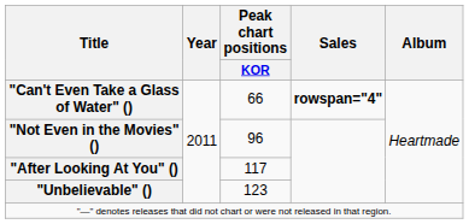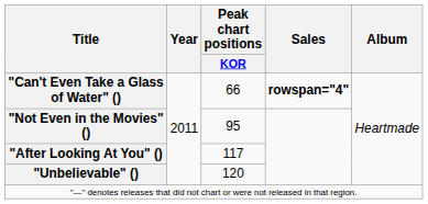 <table class="wikitable plainrowheaders" style="text-align:center;">
 <tr>
 <th rowspan=2 style="width:12em;">Title</th>
 <th rowspan=2>Year</th>
 <th colspan="1">Peak chart positions</th>
 <th rowspan=2>Sales</th>
 <th rowspan=2>Album</th>
 </tr>
 <tr>
 <th scope="col" style="width:3.5em;font-size:90%;"><a href='#'>KOR</a></th>
 </tr>
 <tr>
 <th scope=row>"Can't Even Take a Glass of Water" ()</th>
 <td rowspan="4">2011</td>
 <td>66</td>
 <td><strong>rowspan="4" </strong></td>
 <td rowspan="4"><em>Heartmade</em></td>
 </tr>
 <tr>
 <th scope=row>"Not Even in the Movies" ()<br></th>
-<td>96</td>
+<td>95</td>
 </tr>
 <tr>
 <th scope=row>"After Looking At You" ()</th>
 <td>117</td>
 </tr>
 <tr>
 <th scope=row>"Unbelievable" ()</th>
-<td>123</td>
+<td>120</td>
 </tr>
 <tr>
 <td colspan="17" style="text-align:center; font-size:8pt;">"—" denotes releases that did not chart or were not released in that region.</td>
 </tr>
 </table>
